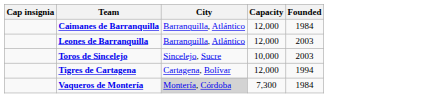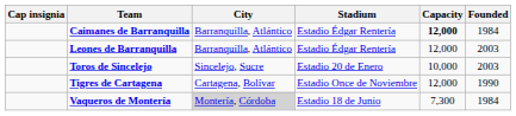 <table class="wikitable sortable" style="font-size:90%">
 <tr>
 <th>Cap insignia</th>
 <th>Team</th>
 <th>City</th>
+<th>Stadium</th>
 <th>Capacity</th>
 <th>Founded</th>
 </tr>
 <tr>
 <td></td>
 <td><strong><a href='#'>Caimanes de Barranquilla</a></strong></td>
 <td><a href='#'>Barranquilla</a>, <a href='#'>Atlántico</a></td>
-<td align="center">12,000</td>
+<td><a href='#'>Estadio Édgar Rentería</a></td>
+<td align="center"><strong>12,000</strong></td>
 <td align="center">1984</td>
 </tr>
 <tr>
 <td></td>
 <td><strong><a href='#'>Leones de Barranquilla</a></strong></td>
 <td><a href='#'>Barranquilla</a>, <a href='#'>Atlántico</a></td>
+<td><a href='#'>Estadio Édgar Rentería</a></td>
 <td align="center">12,000</td>
 <td align="center">2003</td>
 </tr>
 <tr>
 <td></td>
 <td><strong><a href='#'>Toros de Sincelejo</a></strong></td>
 <td><a href='#'>Sincelejo</a>, <a href='#'>Sucre</a></td>
+<td><a href='#'>Estadio 20 de Enero</a></td>
 <td align="center">10,000</td>
 <td align="center">2003</td>
 </tr>
 <tr>
 <td></td>
 <td><strong><a href='#'>Tigres de Cartagena</a></strong></td>
 <td><a href='#'>Cartagena</a>, <a href='#'>Bolívar</a></td>
+<td><a href='#'>Estadio Once de Noviembre</a></td>
 <td align="center">12,000</td>
-<td align="center">1994</td>
+<td align="center">1990</td>
 </tr>
 <tr>
 <td></td>
 <td><strong><a href='#'>Vaqueros de Montería</a></strong></td>
 <td style="background: lightgrey;"><a href='#'>Montería</a>, <a href='#'>Córdoba</a></td>
+<td><a href='#'>Estadio 18 de Junio</a></td>
 <td align="center">7,300</td>
 <td align="center">1984</td>
 </tr>
 </table>
